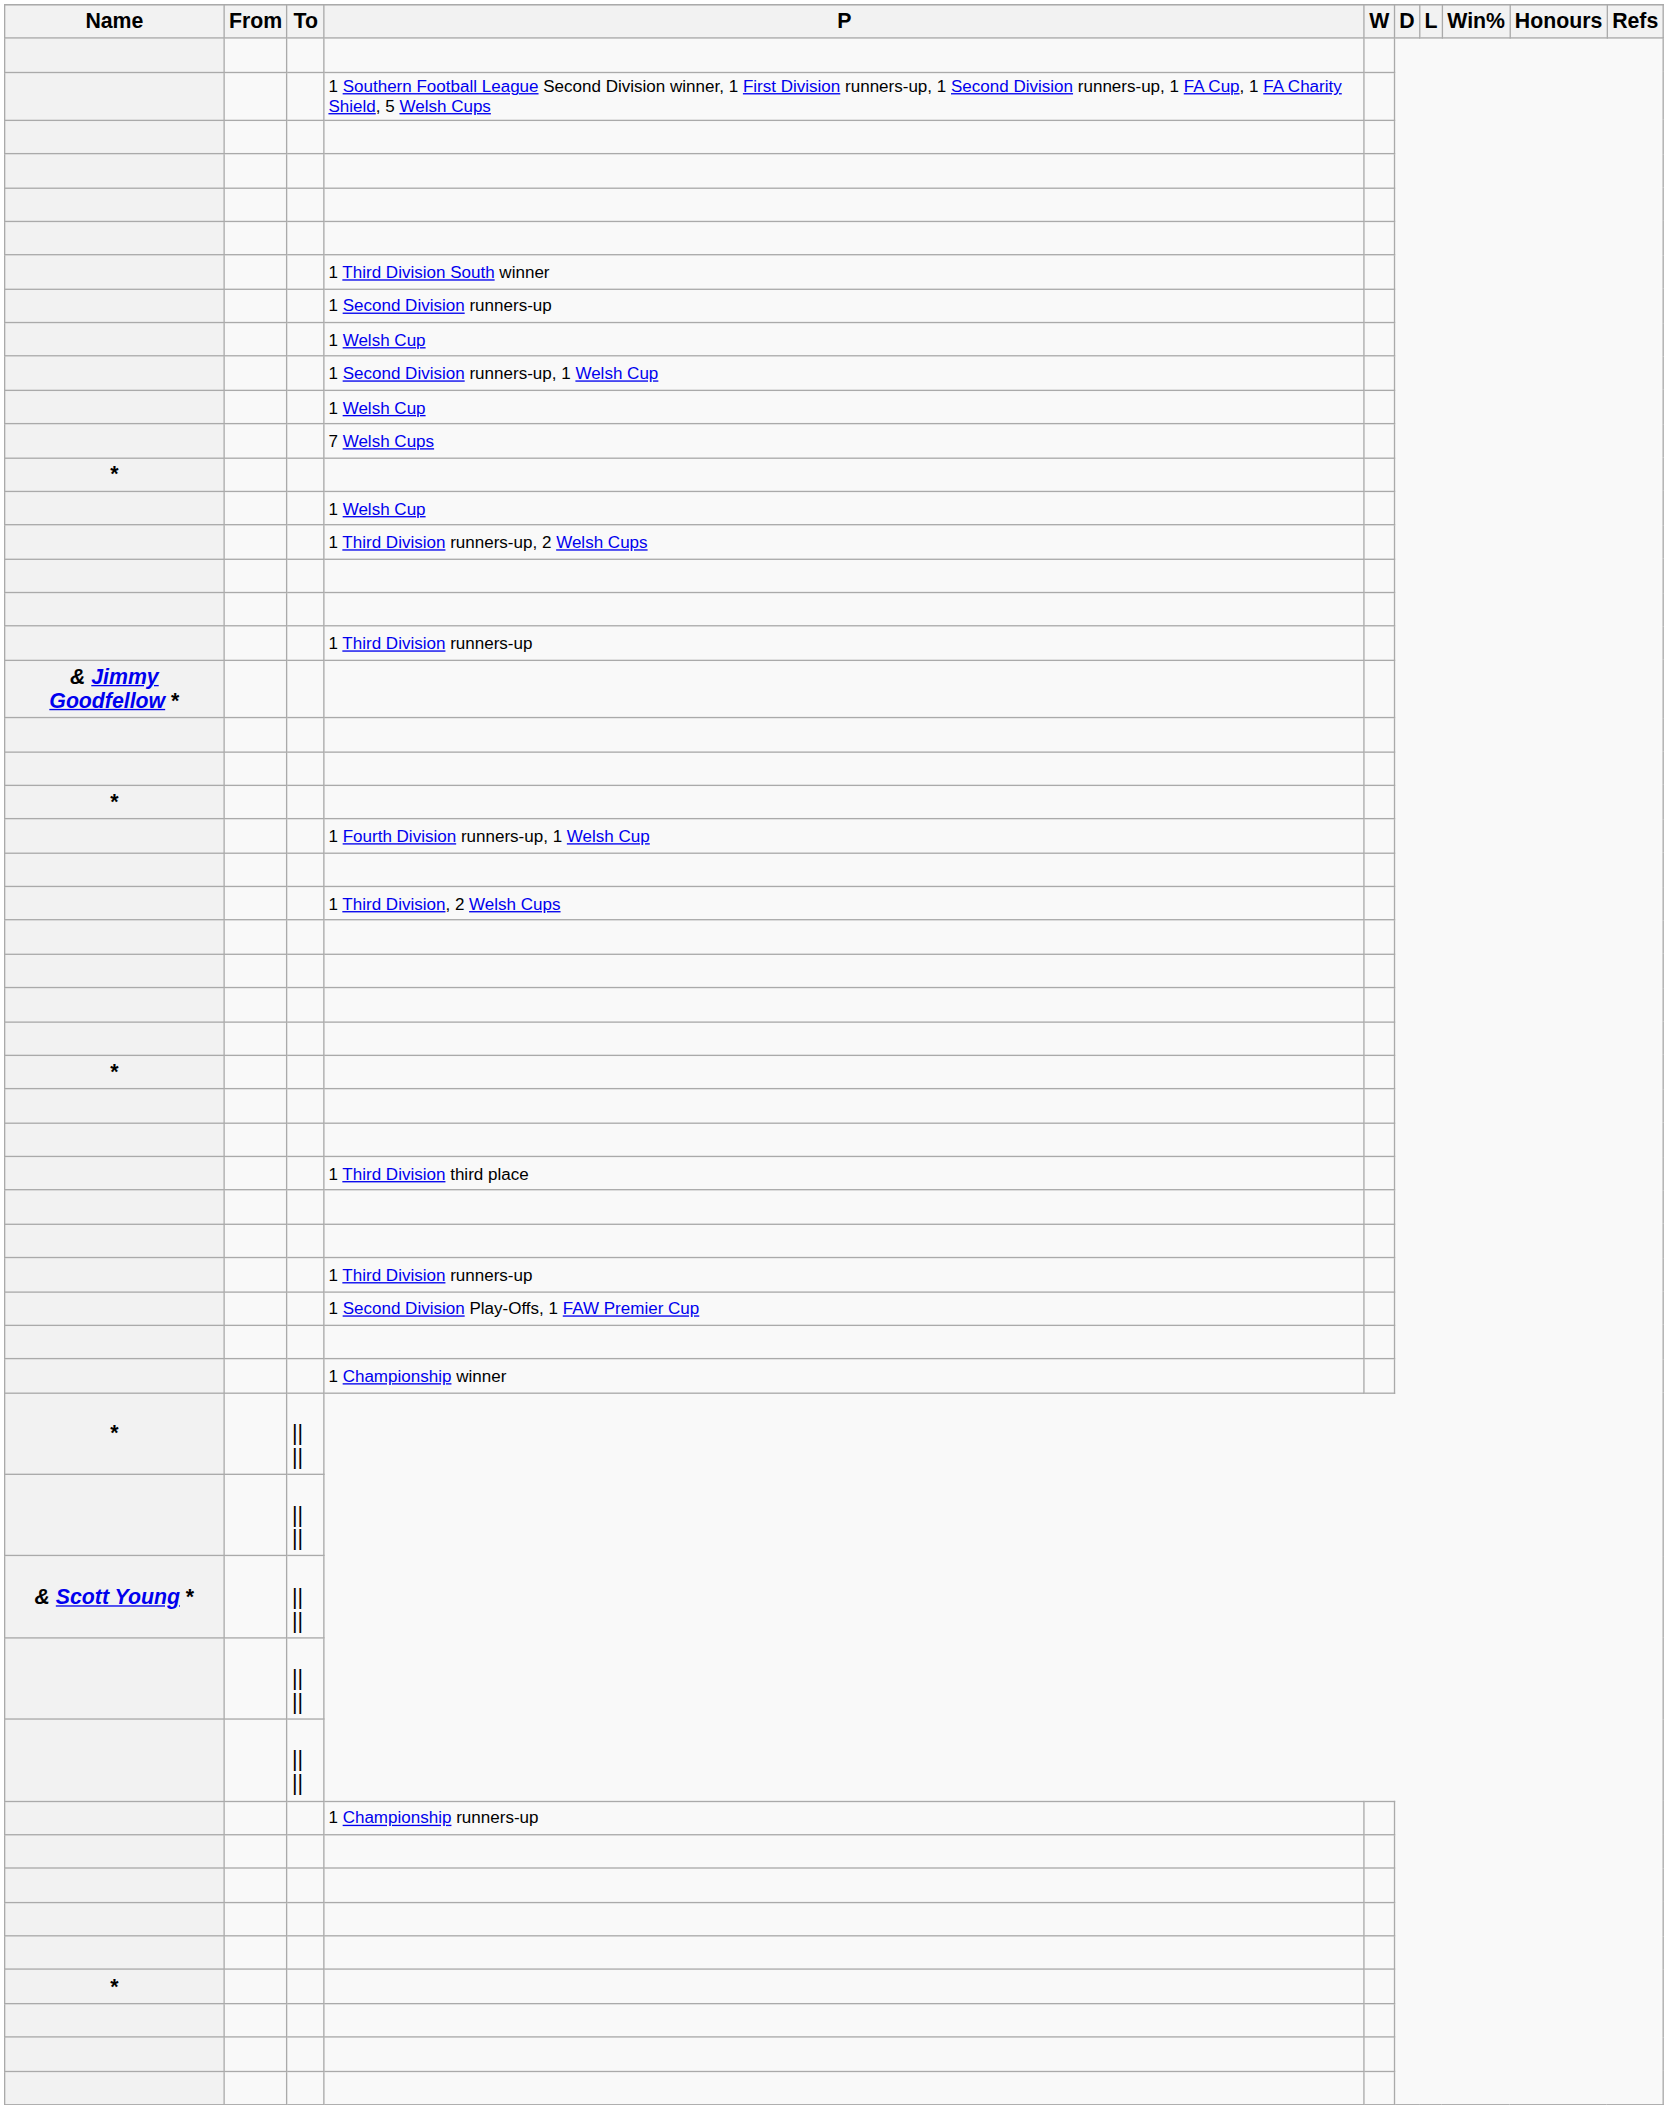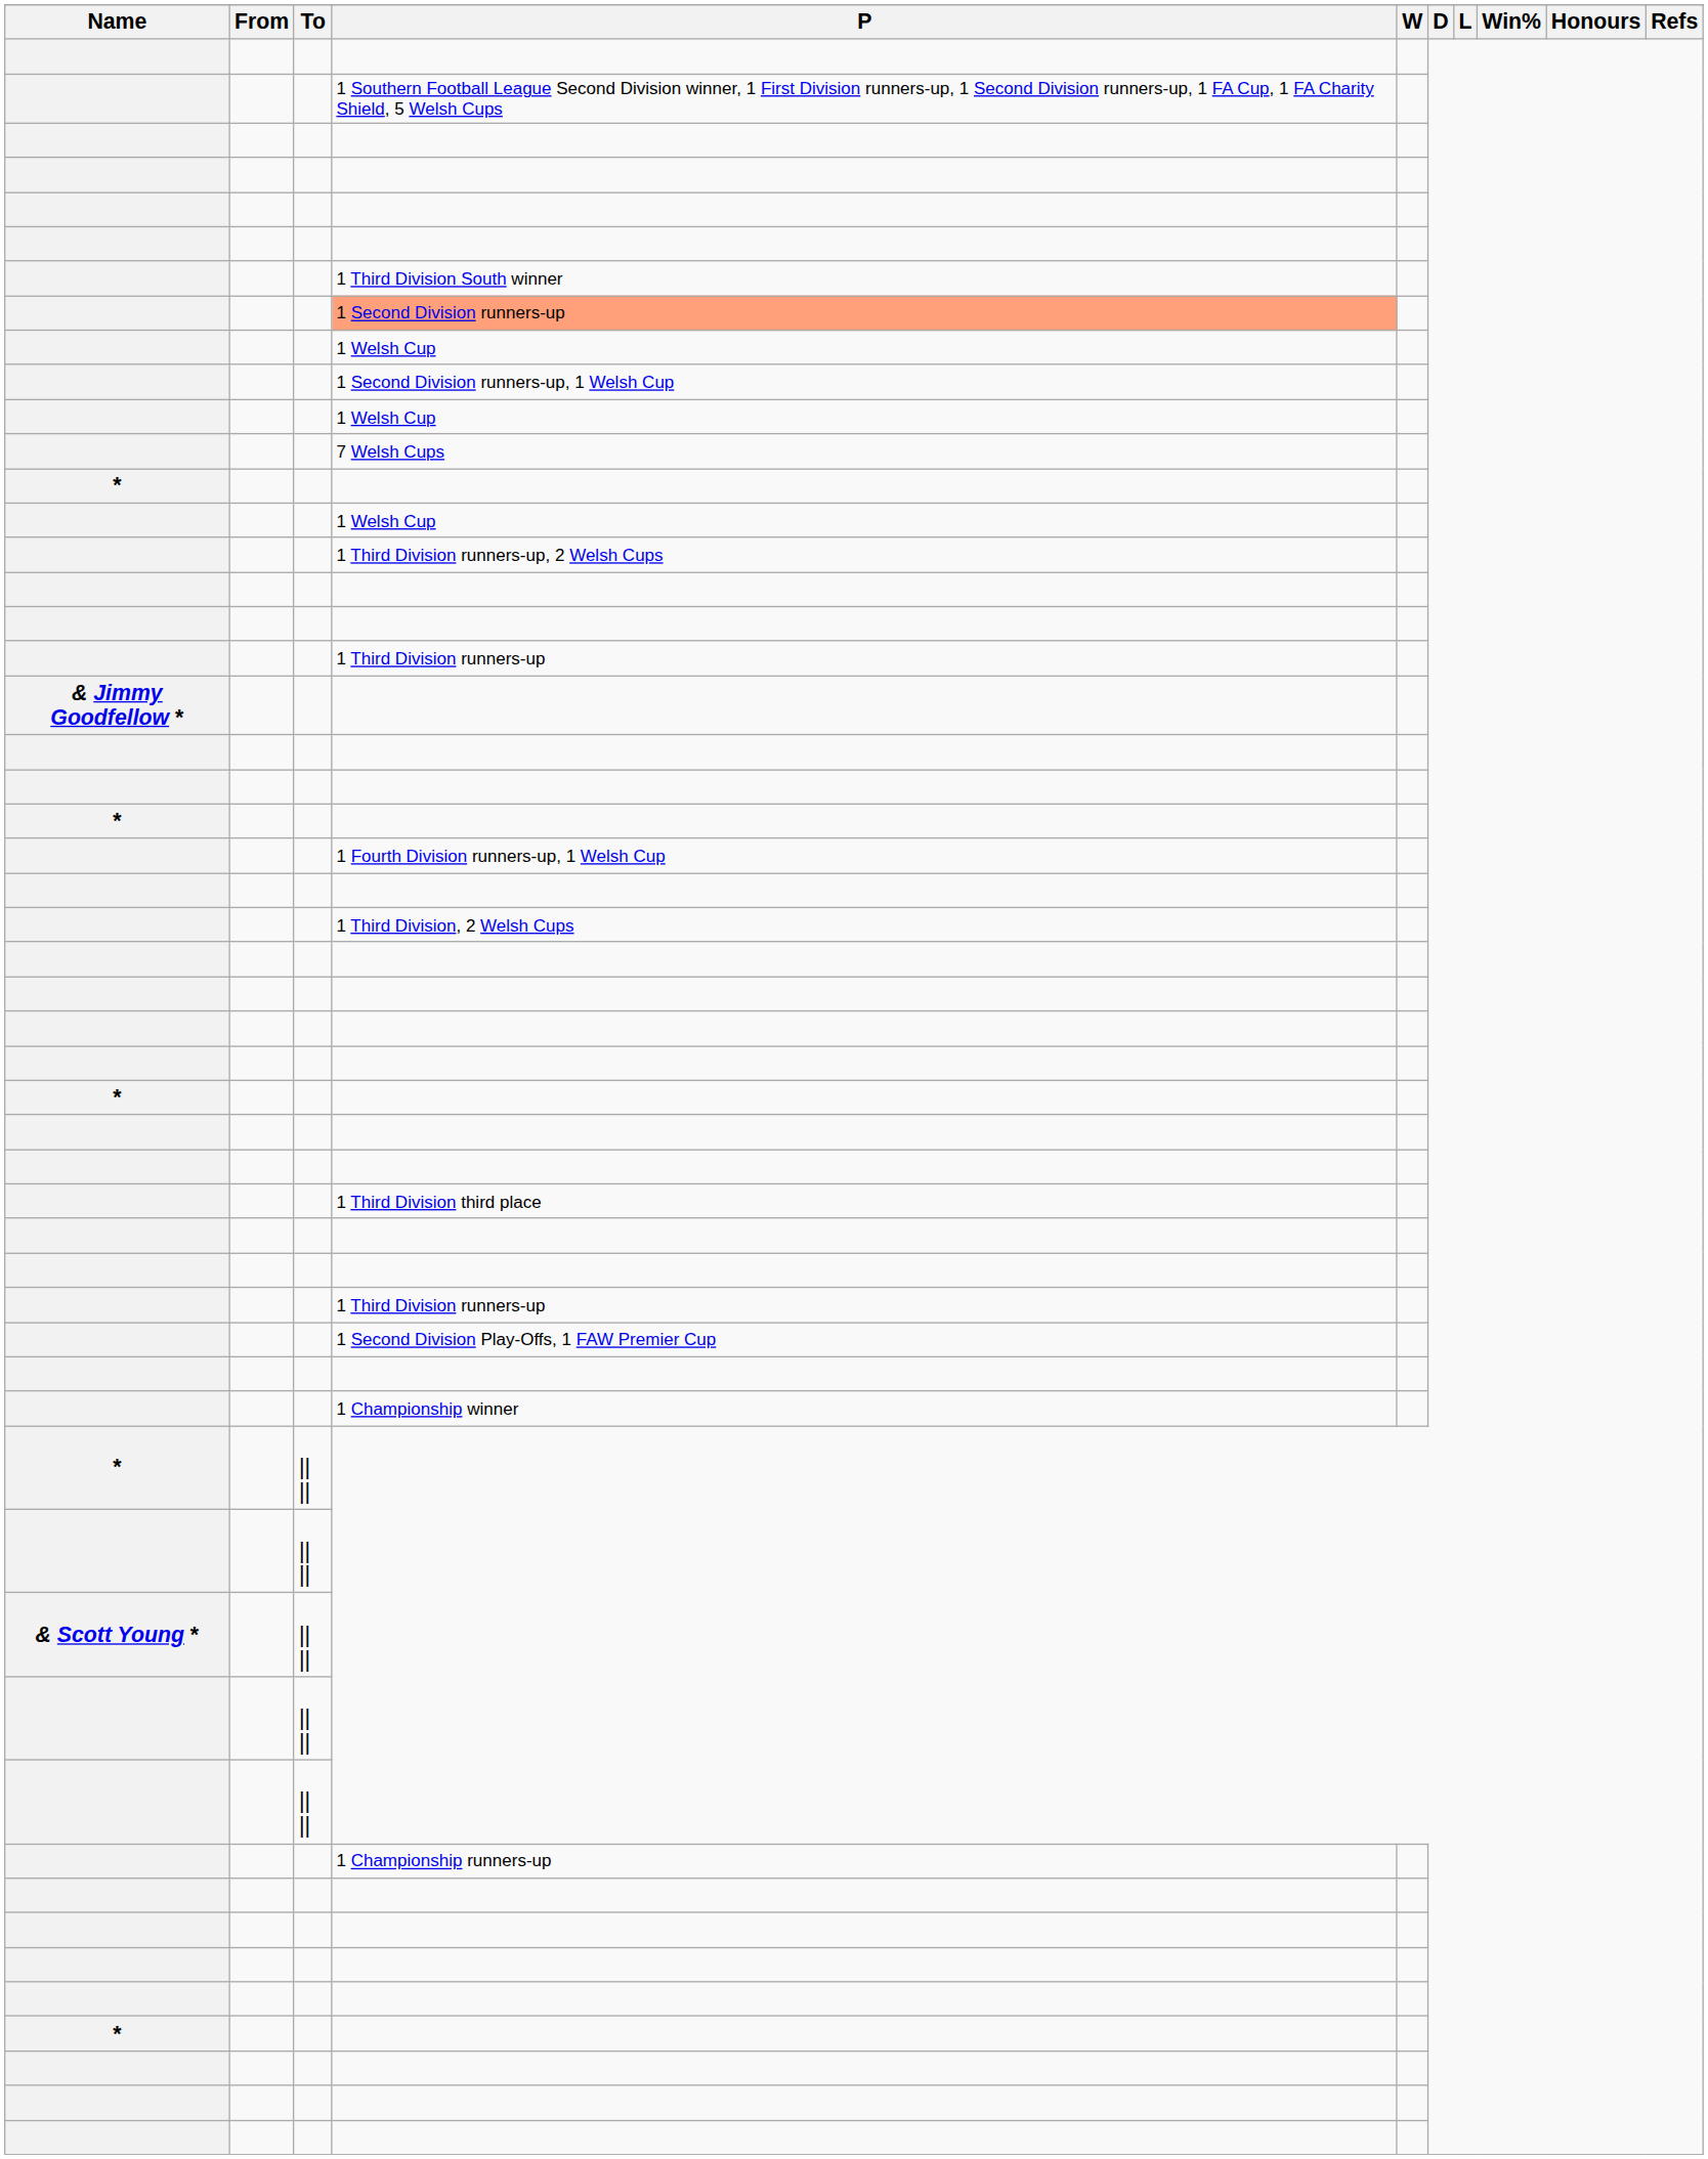 <table class="wikitable sortable plainrowheaders">
 <tr>
 </tr>
 <tr>
 <th scope=col>Name</th>
 <th scope=col>From</th>
 <th scope=col>To</th>
 <th scope=col>P</th>
 <th scope=col>W</th>
 <th scope=col>D</th>
 <th scope=col>L</th>
 <th scope=col>Win%</th>
 <th scope=col class="unsortable">Honours</th>
 <th class="unsortable" width=15px>Refs</th>
 </tr>
 <tr>
 <th align=left scope=row></th>
 <td></td>
 <td><br></td>
 <td align=left style="font-size: 80%"></td>
 <td></td>
 </tr>
 <tr>
 <th align=left scope=row></th>
 <td></td>
 <td><br></td>
 <td align=left style="font-size: 80%">1 <a href='#'>Southern Football League</a> Second Division winner, 1 <a href='#'>First Division</a> runners-up, 1 <a href='#'>Second Division</a> runners-up, 1 <a href='#'>FA Cup</a>, 1 <a href='#'>FA Charity Shield</a>, 5 <a href='#'>Welsh Cups</a></td>
 <td></td>
 </tr>
 <tr>
 <th align=left scope=row></th>
 <td></td>
 <td><br></td>
 <td align=left style="font-size: 80%"></td>
 <td></td>
 </tr>
 <tr>
 <th align=left scope=row></th>
 <td></td>
 <td><br></td>
 <td align=left style="font-size: 80%"></td>
 <td></td>
 </tr>
 <tr>
 <th align=left scope=row></th>
 <td></td>
 <td><br></td>
 <td align=left style="font-size: 80%"></td>
 <td></td>
 </tr>
 <tr>
 <th align=left scope=row></th>
 <td></td>
 <td><br></td>
 <td align=left style="font-size: 80%"></td>
 <td></td>
 </tr>
 <tr>
 <th align=left scope=row></th>
 <td></td>
 <td><br></td>
 <td align=left style="font-size: 80%">1 <a href='#'>Third Division South</a> winner</td>
 <td></td>
 </tr>
 <tr>
 <th align=left scope=row></th>
 <td></td>
 <td><br></td>
-<td align=left style="font-size: 80%">1 <a href='#'>Second Division</a> runners-up</td>
+<td align=left style="background: lightsalmon; font-size: 80%">1 <a href='#'>Second Division</a> runners-up</td>
 <td></td>
 </tr>
 <tr>
 <th align=left scope=row></th>
 <td></td>
 <td><br></td>
 <td align=left style="font-size: 80%">1 <a href='#'>Welsh Cup</a></td>
 <td></td>
 </tr>
 <tr>
 <th align=left scope=row></th>
 <td></td>
 <td><br></td>
 <td align=left style="font-size: 80%">1 <a href='#'>Second Division</a> runners-up, 1 <a href='#'>Welsh Cup</a></td>
 <td></td>
 </tr>
 <tr>
 <th align=left scope=row></th>
 <td></td>
 <td><br></td>
 <td align=left style="font-size: 80%">1 <a href='#'>Welsh Cup</a></td>
 <td></td>
 </tr>
 <tr>
 <th align=left scope=row></th>
 <td></td>
 <td><br></td>
 <td align=left style="font-size: 80%">7 <a href='#'>Welsh Cups</a></td>
 <td></td>
 </tr>
 <tr>
 <th align=left scope=row><em></em>*</th>
 <td></td>
 <td><br></td>
 <td align=left style="font-size: 80%"></td>
 <td></td>
 </tr>
 <tr>
 <th align=left scope=row></th>
 <td></td>
 <td><br></td>
 <td align=left style="font-size: 80%">1 <a href='#'>Welsh Cup</a></td>
 <td></td>
 </tr>
 <tr>
 <th align=left scope=row> </th>
 <td></td>
 <td><br></td>
 <td align=left style="font-size: 80%">1 <a href='#'>Third Division</a> runners-up, 2 <a href='#'>Welsh Cups</a></td>
 <td></td>
 </tr>
 <tr>
 <th align=left scope=row> </th>
 <td></td>
 <td><br></td>
 <td align=left style="font-size: 80%"></td>
 <td></td>
 </tr>
 <tr>
 <th align=left scope=row></th>
 <td></td>
 <td><br></td>
 <td align=left style="font-size: 80%"></td>
 <td></td>
 </tr>
 <tr>
 <th align=left scope=row></th>
 <td></td>
 <td><br></td>
 <td align=left style="font-size: 80%">1 <a href='#'>Third Division</a> runners-up</td>
 <td></td>
 </tr>
 <tr>
 <th align=left scope=row><em> & <a href='#'>Jimmy Goodfellow</a></em> *</th>
 <td></td>
 <td><br></td>
 <td align=left style="font-size: 80%"></td>
 <td><br></td>
 </tr>
 <tr>
 <th align=left scope=row> </th>
 <td></td>
 <td><br></td>
 <td align=left style="font-size: 80%"></td>
 <td></td>
 </tr>
 <tr>
 <th align=left scope=row></th>
 <td></td>
 <td><br></td>
 <td align=left style="font-size: 80%"></td>
 <td></td>
 </tr>
 <tr>
 <th align=left scope=row><em></em> *</th>
 <td></td>
 <td><br></td>
 <td align=left style="font-size: 80%"></td>
 <td></td>
 </tr>
 <tr>
 <th align=left scope=row></th>
 <td></td>
 <td><br></td>
 <td align=left style="font-size: 80%">1 <a href='#'>Fourth Division</a> runners-up, 1 <a href='#'>Welsh Cup</a></td>
 <td></td>
 </tr>
 <tr>
 <th align=left scope=row></th>
 <td></td>
 <td><br></td>
 <td align=left style="font-size: 80%"></td>
 <td></td>
 </tr>
 <tr>
 <th align=left scope=row></th>
 <td></td>
 <td><br></td>
 <td align=left style="font-size: 80%">1 <a href='#'>Third Division</a>, 2 <a href='#'>Welsh Cups</a></td>
 <td></td>
 </tr>
 <tr>
 <th align=left scope=row></th>
 <td></td>
 <td><br></td>
 <td align=left style="font-size: 80%"></td>
 <td></td>
 </tr>
 <tr>
 <th align=left scope=row></th>
 <td></td>
 <td><br></td>
 <td align=left style="font-size: 80%"></td>
 <td></td>
 </tr>
 <tr>
 <th align=left scope=row></th>
 <td></td>
 <td><br></td>
 <td align=left style="font-size: 80%"></td>
 <td></td>
 </tr>
 <tr>
 <th align=left scope=row></th>
 <td></td>
 <td><br></td>
 <td align=left style="font-size: 80%"></td>
 <td></td>
 </tr>
 <tr>
 <th align=left scope=row><em></em> *</th>
 <td></td>
 <td><br></td>
 <td align=left style="font-size: 80%"></td>
 <td></td>
 </tr>
 <tr>
 <th align=left scope=row></th>
 <td></td>
 <td><br></td>
 <td align=left style="font-size: 80%"></td>
 <td></td>
 </tr>
 <tr>
 <th align=left scope=row></th>
 <td></td>
 <td><br></td>
 <td align=left style="font-size: 80%"></td>
 <td></td>
 </tr>
 <tr>
 <th align=left scope=row></th>
 <td></td>
 <td><br></td>
 <td align=left style="font-size: 80%">1 <a href='#'>Third Division</a> third place</td>
 <td></td>
 </tr>
 <tr>
 <th align=left scope=row></th>
 <td></td>
 <td><br></td>
 <td align=left style="font-size: 80%"></td>
 <td></td>
 </tr>
 <tr>
 <th align=left scope=row></th>
 <td></td>
 <td><br></td>
 <td align=left style="font-size: 80%"></td>
 <td></td>
 </tr>
 <tr>
 <th align=left scope=row></th>
 <td></td>
 <td><br></td>
 <td align=left style="font-size: 80%">1 <a href='#'>Third Division</a> runners-up</td>
 <td></td>
 </tr>
 <tr>
 <th align=left scope=row></th>
 <td></td>
 <td><br></td>
 <td align=left style="font-size: 80%">1 <a href='#'>Second Division</a> Play-Offs, 1 <a href='#'>FAW Premier Cup</a></td>
 <td></td>
 </tr>
 <tr>
 <th align=left scope=row></th>
 <td></td>
 <td><br></td>
 <td align=left style="font-size: 80%"></td>
 <td></td>
 </tr>
 <tr>
 <th align=left scope=row></th>
 <td></td>
 <td><br></td>
 <td align=left style="font-size: 80%">1 <a href='#'>Championship</a> winner</td>
 <td></td>
 </tr>
 <tr>
 <th align=left scope=row><em></em> *</th>
 <td></td>
 <td><br>|| ||</td>
 </tr>
 <tr>
 <th align=left scope=row></th>
 <td></td>
 <td><br>|| ||</td>
 </tr>
 <tr>
 <th align=left scope=row><em> & <a href='#'>Scott Young</a></em> *</th>
 <td></td>
 <td><br>|| ||</td>
 </tr>
 <tr>
 <th align=left scope=row></th>
 <td></td>
 <td><br>|| ||</td>
 </tr>
 <tr>
 <th align=left scope=row></th>
 <td></td>
 <td><br>|| ||</td>
 </tr>
 <tr>
 <th align=left scope=row></th>
 <td></td>
 <td><br></td>
 <td align=left style="font-size: 80%">1 <a href='#'>Championship</a> runners-up</td>
 <td></td>
 </tr>
 <tr>
 <th align=left scope=row></th>
 <td></td>
 <td><br></td>
 <td align=left style="font-size: 80%"></td>
 <td></td>
 </tr>
 <tr>
 <th align=left scope=row></th>
 <td></td>
 <td><br></td>
 <td align=left style="font-size: 80%"></td>
 <td></td>
 </tr>
 <tr>
 <th align=left scope=row></th>
 <td></td>
 <td><br></td>
 <td align=left style="font-size: 80%"></td>
 <td></td>
 </tr>
 <tr>
 <th align=left scope=row></th>
 <td></td>
 <td><br></td>
 <td align=left style="font-size: 80%"></td>
 <td></td>
 </tr>
 <tr>
 <th align=left scope=row><em></em> *</th>
 <td></td>
 <td><br></td>
 <td align=left style="font-size: 80%"></td>
 <td></td>
 </tr>
 <tr>
 <th align=left scope=row></th>
 <td></td>
 <td><br></td>
 <td align=left style="font-size: 80%"></td>
 <td></td>
 </tr>
 <tr>
 <th align=left scope=row></th>
 <td></td>
 <td><br></td>
 <td align=left style="font-size: 80%"></td>
 <td></td>
 </tr>
 <tr>
 <th align=left scope=row></th>
 <td></td>
 <td><br></td>
 <td align=left style="font-size: 80%"></td>
 <td></td>
 </tr>
 </table>
